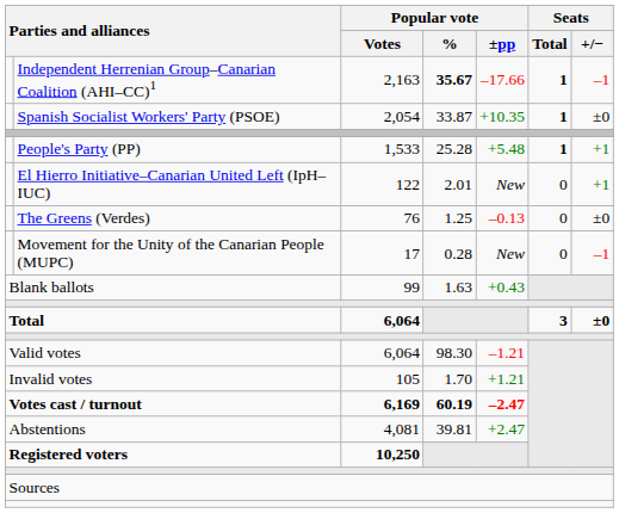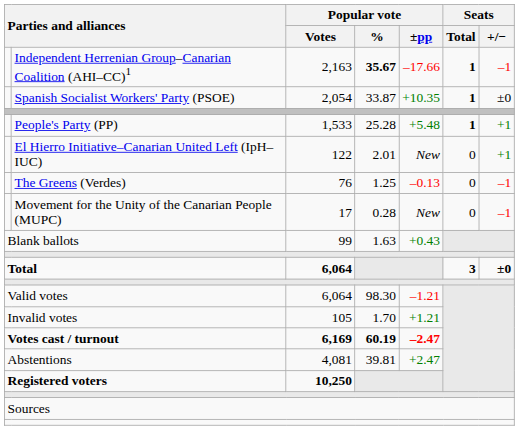 <table class="wikitable" style="text-align:right;">
 <tr>
 <th style="text-align:left;" rowspan="2" colspan="2" width="525">Parties and alliances</th>
 <th colspan="3">Popular vote</th>
 <th colspan="2">Seats</th>
 </tr>
 <tr>
 <th width="75">Votes</th>
 <th width="45">%</th>
 <th width="45">±<a href='#'>pp</a></th>
 <th width="35">Total</th>
 <th width="35">+/−</th>
 </tr>
 <tr>
 <td width="1" style="color:inherit;background:"></td>
 <td align="left"><a href='#'>Independent Herrenian Group</a>–<a href='#'>Canarian Coalition</a> (AHI–CC)<sup>1</sup></td>
 <td>2,163</td>
 <td><strong>35.67</strong></td>
 <td style="color:red;">–17.66</td>
 <td><strong>1</strong></td>
 <td style="color:red;">–1</td>
 </tr>
 <tr>
 <td style="color:inherit;background:"></td>
 <td align="left"><a href='#'>Spanish Socialist Workers' Party</a> (PSOE)</td>
 <td>2,054</td>
 <td>33.87</td>
 <td style="color:green;">+10.35</td>
 <td><strong>1</strong></td>
 <td>±0</td>
 </tr>
 <tr>
 <td colspan="7" bgcolor="#C0C0C0"></td>
 </tr>
 <tr>
 <td style="color:inherit;background:"></td>
 <td align="left"><a href='#'>People's Party</a> (PP)</td>
 <td>1,533</td>
 <td>25.28</td>
 <td style="color:green;">+5.48</td>
 <td><strong>1</strong></td>
 <td style="color:green;">+1</td>
 </tr>
 <tr>
 <td style="color:inherit;background:"></td>
 <td align="left"><a href='#'>El Hierro Initiative–Canarian United Left</a> (IpH–IUC)</td>
 <td>122</td>
 <td>2.01</td>
 <td><em>New</em></td>
 <td>0</td>
 <td style="color:green;">+1</td>
 </tr>
 <tr>
 <td style="color:inherit;background:"></td>
 <td align="left"><a href='#'>The Greens</a> (Verdes)</td>
 <td>76</td>
 <td>1.25</td>
 <td style="color:red;">–0.13</td>
 <td>0</td>
-<td>±0</td>
+<td style="color:red;">–1</td>
 </tr>
 <tr>
 <td style="color:inherit;background:"></td>
 <td align="left">Movement for the Unity of the Canarian People (MUPC)</td>
 <td>17</td>
 <td>0.28</td>
 <td><em>New</em></td>
 <td>0</td>
 <td style="color:red;">–1</td>
 </tr>
 <tr>
 <td align="left" colspan="2">Blank ballots</td>
 <td>99</td>
 <td>1.63</td>
 <td style="color:green;">+0.43</td>
 <td bgcolor="#E9E9E9" colspan="2"></td>
 </tr>
 <tr>
 <td colspan="7" bgcolor="#E9E9E9"></td>
 </tr>
 <tr style="font-weight:bold;">
 <td align="left" colspan="2">Total</td>
 <td>6,064</td>
 <td bgcolor="#E9E9E9" colspan="2"></td>
 <td>3</td>
 <td>±0</td>
 </tr>
 <tr>
 <td colspan="7" bgcolor="#E9E9E9"></td>
 </tr>
 <tr>
 <td align="left" colspan="2">Valid votes</td>
 <td>6,064</td>
 <td>98.30</td>
 <td style="color:red;">–1.21</td>
 <td bgcolor="#E9E9E9" colspan="2" rowspan="5"></td>
 </tr>
 <tr>
 <td align="left" colspan="2">Invalid votes</td>
 <td>105</td>
 <td>1.70</td>
 <td style="color:green;">+1.21</td>
 </tr>
 <tr style="font-weight:bold;">
 <td align="left" colspan="2">Votes cast / turnout</td>
 <td>6,169</td>
 <td>60.19</td>
 <td style="color:red;">–2.47</td>
 </tr>
 <tr>
 <td align="left" colspan="2">Abstentions</td>
 <td>4,081</td>
 <td>39.81</td>
 <td style="color:green;">+2.47</td>
 </tr>
 <tr style="font-weight:bold;">
 <td align="left" colspan="2">Registered voters</td>
 <td>10,250</td>
 <td bgcolor="#E9E9E9" colspan="2"></td>
 </tr>
 <tr>
 <td colspan="7" bgcolor="#E9E9E9"></td>
 </tr>
 <tr>
 <td align="left" colspan="7">Sources</td>
 </tr>
 <tr>
 <td colspan="7" style="text-align:left; max-width:790px;"></td>
 </tr>
 </table>
